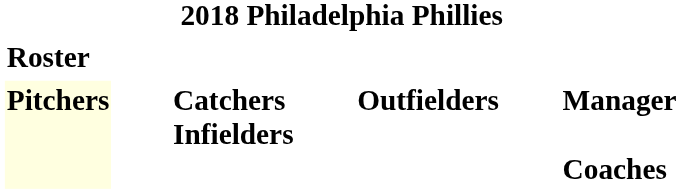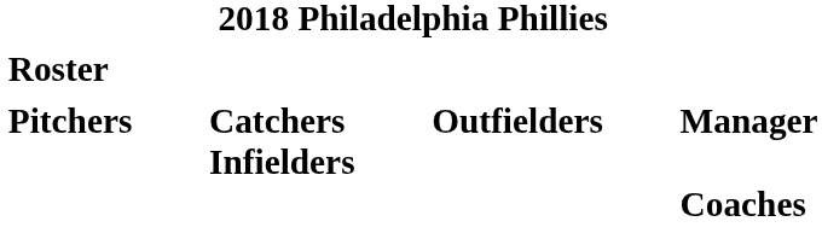 <table class="toccolours" style="font-size: 95%;">
 <tr>
 <th colspan="10" style=>2018 Philadelphia Phillies</th>
 </tr>
 <tr>
 <td colspan="7"><strong>Roster</strong></td>
 </tr>
 <tr>
-<td valign="top" style="background: lightyellow;"><strong>Pitchers</strong><br>                          </td>
+<td valign="top"><strong>Pitchers</strong><br>                          </td>
 <td style="width:25px;"></td>
 <td valign="top"><strong>Catchers</strong><br>   <strong>Infielders</strong>           </td>
 <td style="width:25px;"></td>
 <td valign="top"><strong>Outfielders</strong><br>      </td>
 <td style="width:25px;"></td>
 <td valign="top"><strong>Manager</strong><br><br><strong>Coaches</strong>                    </td>
 </tr>
 </table>
